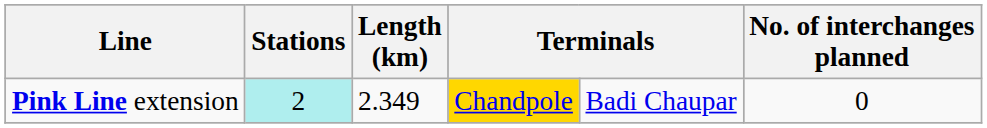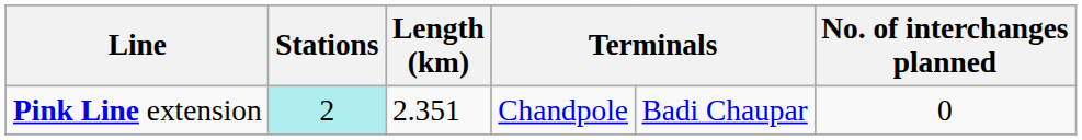 <table class="wikitable" style="margin:auto;">
 <tr>
 <th>Line</th>
 <th>Stations</th>
 <th>Length<br>(km)</th>
 <th colspan="2">Terminals</th>
 <th>No. of interchanges <br>planned</th>
 </tr>
 <tr>
 <td style="background:#"><a href='#'><span><strong>Pink Line</strong></span></a> extension</td>
 <td style="background: paleturquoise; text-align:center;">2</td>
-<td>2.349</td>
-<td style="background: gold;"><a href='#'>Chandpole</a></td>
+<td>2.351</td>
+<td><a href='#'>Chandpole</a></td>
 <td><a href='#'>Badi Chaupar</a></td>
 <td style="text-align:center;">0</td>
 </tr>
 </table>
